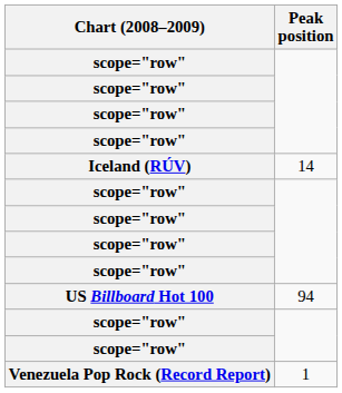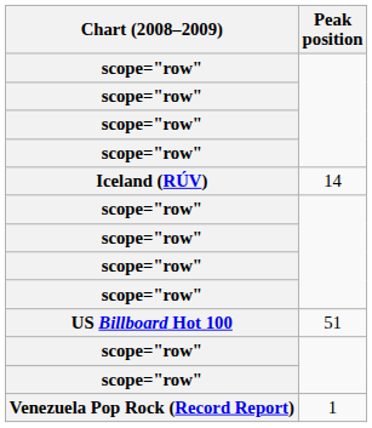 <table class="wikitable sortable plainrowheaders" style="text-align:center">
 <tr>
 <th scope="col">Chart (2008–2009)</th>
 <th scope="col">Peak<br>position</th>
 </tr>
 <tr>
 <th>scope="row"</th>
 </tr>
 <tr>
 <th>scope="row"</th>
 </tr>
 <tr>
 <th>scope="row"</th>
 </tr>
 <tr>
 <th>scope="row"</th>
 </tr>
 <tr>
 <th scope="row">Iceland (<a href='#'>RÚV</a>)</th>
 <td style="text-align:center;">14</td>
 </tr>
 <tr>
 <th>scope="row"</th>
 </tr>
 <tr>
 <th>scope="row"</th>
 </tr>
 <tr>
 <th>scope="row"</th>
 </tr>
 <tr>
 <th>scope="row"</th>
 </tr>
 <tr>
 <th scope="row">US <a href='#'><em>Billboard</em> Hot 100</a></th>
-<td align="center">94</td>
+<td align="center">51</td>
 </tr>
 <tr>
 <th>scope="row"</th>
 </tr>
 <tr>
 <th>scope="row"</th>
 </tr>
 <tr>
 <th scope="row">Venezuela Pop Rock (<a href='#'>Record Report</a>)</th>
 <td align="center">1</td>
 </tr>
 </table>
